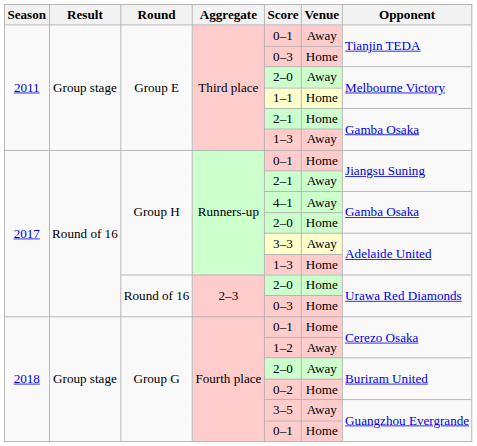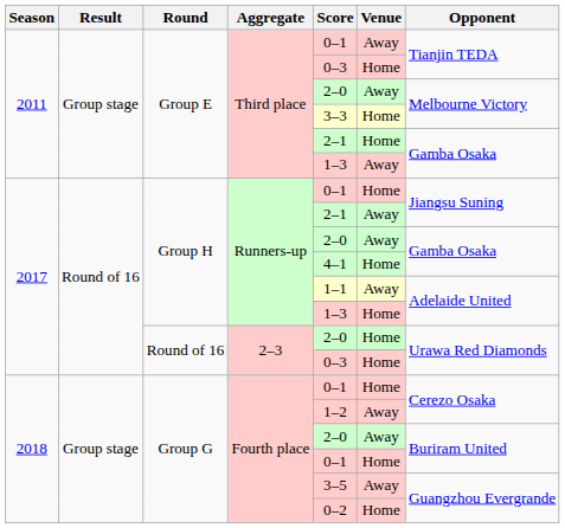 <table class="wikitable sticky-table-row1" style="text-align:center">
 <tr>
 <th>Season</th>
 <th>Result</th>
 <th>Round</th>
 <th>Aggregate</th>
 <th>Score</th>
 <th>Venue</th>
 <th>Opponent</th>
 </tr>
 <tr>
 <td rowspan="6"><a href='#'>2011</a></td>
 <td rowspan="6">Group stage</td>
 <td rowspan="6">Group E</td>
 <td rowspan="6" style="background:#fcc">Third place</td>
 <td style="background:#fcc">0–1</td>
 <td style="background:#fcc">Away</td>
 <td rowspan="2" align="left"> <a href='#'>Tianjin TEDA</a></td>
 </tr>
 <tr>
 <td style="background:#fcc">0–3</td>
 <td style="background:#fcc">Home</td>
 </tr>
 <tr>
 <td style="background:#cfc">2–0</td>
 <td style="background:#cfc">Away</td>
 <td rowspan="2" align="left"> <a href='#'>Melbourne Victory</a></td>
 </tr>
 <tr>
-<td style="background:#ffc">1–1</td>
+<td style="background:#ffc">3–3</td>
 <td style="background:#ffc">Home</td>
 </tr>
 <tr>
 <td style="background:#cfc">2–1</td>
 <td style="background:#cfc">Home</td>
 <td rowspan="2" align="left"> <a href='#'>Gamba Osaka</a></td>
 </tr>
 <tr>
 <td style="background:#fcc">1–3</td>
 <td style="background:#fcc">Away</td>
 </tr>
 <tr>
 <td rowspan="8"><a href='#'>2017</a></td>
 <td rowspan="8">Round of 16</td>
 <td rowspan="6">Group H</td>
 <td rowspan="6" style="background:#cfc">Runners-up</td>
 <td style="background:#fcc">0–1</td>
 <td style="background:#fcc">Home</td>
 <td rowspan="2" align="left"> <a href='#'>Jiangsu Suning</a></td>
 </tr>
 <tr>
 <td style="background:#cfc">2–1</td>
 <td style="background:#cfc">Away</td>
 </tr>
 <tr>
-<td style="background:#cfc">4–1</td>
+<td style="background:#cfc">2–0</td>
 <td style="background:#cfc">Away</td>
 <td rowspan="2" align="left"> <a href='#'>Gamba Osaka</a></td>
 </tr>
 <tr>
-<td style="background:#cfc">2–0</td>
+<td style="background:#cfc">4–1</td>
 <td style="background:#cfc">Home</td>
 </tr>
 <tr>
-<td style="background:#ffc">3–3</td>
+<td style="background:#ffc">1–1</td>
 <td style="background:#ffc">Away</td>
 <td rowspan="2" align="left"> <a href='#'>Adelaide United</a></td>
 </tr>
 <tr>
 <td style="background:#fcc">1–3</td>
 <td style="background:#fcc">Home</td>
 </tr>
 <tr>
 <td rowspan="2">Round of 16</td>
 <td rowspan="2" style="background:#fcc">2–3</td>
 <td style="background:#cfc">2–0</td>
 <td style="background:#cfc">Home</td>
 <td rowspan="2" align="left"> <a href='#'>Urawa Red Diamonds</a></td>
 </tr>
 <tr>
 <td style="background:#fcc">0–3 </td>
 <td style="background:#fcc">Home</td>
 </tr>
 <tr>
 <td rowspan="6"><a href='#'>2018</a></td>
 <td rowspan="6">Group stage</td>
 <td rowspan="6">Group G</td>
 <td rowspan="6" style="background:#fcc">Fourth place</td>
 <td style="background:#fcc">0–1</td>
 <td style="background:#fcc">Home</td>
 <td rowspan="2" align="left"> <a href='#'>Cerezo Osaka</a></td>
 </tr>
 <tr>
 <td style="background:#fcc">1–2</td>
 <td style="background:#fcc">Away</td>
 </tr>
 <tr>
 <td style="background:#cfc">2–0</td>
 <td style="background:#cfc">Away</td>
 <td rowspan="2" align="left"> <a href='#'>Buriram United</a></td>
 </tr>
 <tr>
-<td style="background:#fcc">0–2</td>
+<td style="background:#fcc">0–1</td>
 <td style="background:#fcc">Home</td>
 </tr>
 <tr>
 <td style="background:#fcc">3–5</td>
 <td style="background:#fcc">Away</td>
 <td rowspan="2" align="left"> <a href='#'>Guangzhou Evergrande</a></td>
 </tr>
 <tr>
-<td style="background:#fcc">0–1</td>
+<td style="background:#fcc">0–2</td>
 <td style="background:#fcc">Home</td>
 </tr>
 </table>
